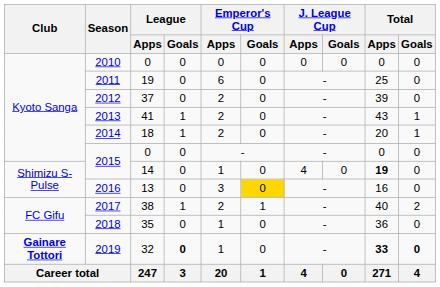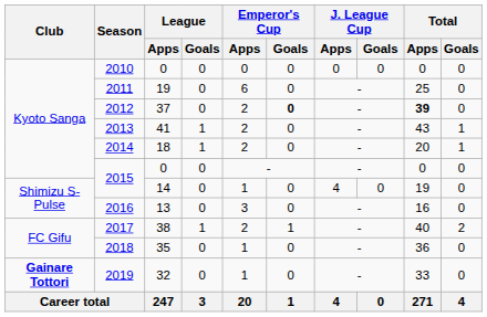 <table class="wikitable" style="text-align:center;">
 <tr>
 <th rowspan="2">Club</th>
 <th rowspan="2">Season</th>
 <th colspan="2">League</th>
 <th colspan="2"><a href='#'>Emperor's Cup</a></th>
 <th colspan="2"><a href='#'>J. League Cup</a></th>
 <th colspan="2">Total</th>
 </tr>
 <tr>
 <th>Apps</th>
 <th>Goals</th>
 <th>Apps</th>
 <th>Goals</th>
 <th>Apps</th>
 <th>Goals</th>
 <th>Apps</th>
 <th>Goals</th>
 </tr>
 <tr>
 <td rowspan="6"><a href='#'>Kyoto Sanga</a></td>
 <td><a href='#'>2010</a></td>
 <td>0</td>
 <td>0</td>
 <td>0</td>
 <td>0</td>
 <td>0</td>
 <td>0</td>
 <td>0</td>
 <td>0</td>
 </tr>
 <tr>
 <td><a href='#'>2011</a></td>
 <td>19</td>
 <td>0</td>
 <td>6</td>
 <td>0</td>
 <td colspan="2">-</td>
 <td>25</td>
 <td>0</td>
 </tr>
 <tr>
 <td><a href='#'>2012</a></td>
 <td>37</td>
 <td>0</td>
 <td>2</td>
-<td>0</td>
+<td><strong>0</strong></td>
 <td colspan="2">-</td>
-<td>39</td>
+<td><strong>39</strong></td>
 <td>0</td>
 </tr>
 <tr>
 <td><a href='#'>2013</a></td>
 <td>41</td>
 <td>1</td>
 <td>2</td>
 <td>0</td>
 <td colspan="2">-</td>
 <td>43</td>
 <td>1</td>
 </tr>
 <tr>
 <td><a href='#'>2014</a></td>
 <td>18</td>
 <td>1</td>
 <td>2</td>
 <td>0</td>
 <td colspan="2">-</td>
 <td>20</td>
 <td>1</td>
 </tr>
 <tr>
 <td rowspan="2"><a href='#'>2015</a></td>
 <td>0</td>
 <td>0</td>
 <td colspan="2">-</td>
 <td colspan="2">-</td>
 <td>0</td>
 <td>0</td>
 </tr>
 <tr>
 <td rowspan="2"><a href='#'>Shimizu S-Pulse</a></td>
 <td>14</td>
 <td>0</td>
 <td>1</td>
 <td>0</td>
 <td>4</td>
 <td>0</td>
-<td><strong>19</strong></td>
+<td>19</td>
 <td>0</td>
 </tr>
 <tr>
 <td><a href='#'>2016</a></td>
 <td>13</td>
 <td>0</td>
 <td>3</td>
-<td style="background: gold;">0</td>
+<td>0</td>
 <td colspan="2">-</td>
 <td>16</td>
 <td>0</td>
 </tr>
 <tr>
 <td rowspan="2"><a href='#'>FC Gifu</a></td>
 <td><a href='#'>2017</a></td>
 <td>38</td>
 <td>1</td>
 <td>2</td>
 <td>1</td>
 <td colspan="2">-</td>
 <td>40</td>
 <td>2</td>
 </tr>
 <tr>
 <td><a href='#'>2018</a></td>
 <td>35</td>
 <td>0</td>
 <td>1</td>
 <td>0</td>
 <td colspan="2">-</td>
 <td>36</td>
 <td>0</td>
 </tr>
 <tr>
 <td><strong><a href='#'>Gainare Tottori</a></strong></td>
 <td><a href='#'>2019</a></td>
 <td>32</td>
-<td><strong>0</strong></td>
+<td>0</td>
 <td>1</td>
 <td>0</td>
 <td colspan="2">-</td>
-<td><strong>33</strong></td>
-<td><strong>0</strong></td>
+<td>33</td>
+<td>0</td>
 </tr>
 <tr>
 <th colspan="2">Career total</th>
 <th>247</th>
 <th>3</th>
 <th>20</th>
 <th>1</th>
 <th>4</th>
 <th>0</th>
 <th>271</th>
 <th>4</th>
 </tr>
 </table>
